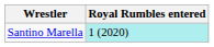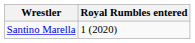 <table class="wikitable sortable">
 <tr>
 <th>Wrestler</th>
 <th>Royal Rumbles entered</th>
 </tr>
 <tr>
 <td><a href='#'>Santino Marella</a></td>
-<td style="background: paleturquoise;">1 (2020)</td>
+<td>1 (2020)</td>
 </tr>
 </table>
